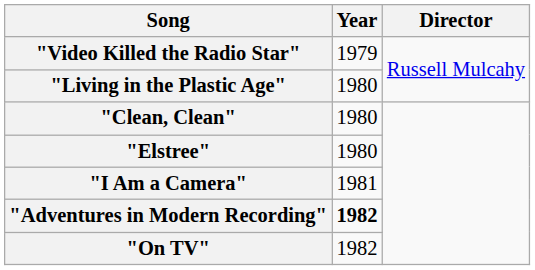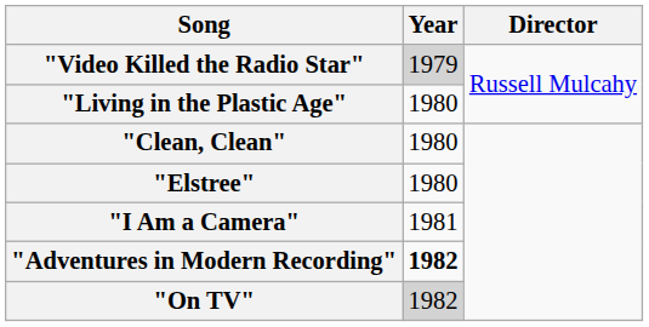 <table class="wikitable plainrowheaders" border="1">
 <tr>
 <th scope=col>Song</th>
 <th scope=col>Year</th>
 <th scope=col>Director</th>
 </tr>
 <tr>
 <th scope=row>"Video Killed the Radio Star"</th>
-<td>1979</td>
+<td style="background: lightgrey;">1979</td>
 <td rowspan="2"><a href='#'>Russell Mulcahy</a></td>
 </tr>
 <tr>
 <th scope=row>"Living in the Plastic Age"</th>
 <td>1980</td>
 </tr>
 <tr>
 <th scope=row>"Clean, Clean"</th>
 <td>1980</td>
 </tr>
 <tr>
 <th scope=row>"Elstree"</th>
 <td>1980</td>
 </tr>
 <tr>
 <th scope=row>"I Am a Camera"</th>
 <td>1981</td>
 </tr>
 <tr>
 <th scope=row>"Adventures in Modern Recording"</th>
 <td><strong>1982</strong></td>
 </tr>
 <tr>
 <th scope=row>"On TV"</th>
-<td>1982</td>
+<td style="background: lightgrey;">1982</td>
 </tr>
 </table>
